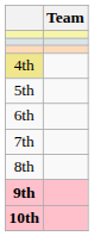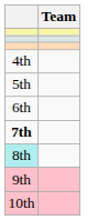 <table class="wikitable" style="text-align:center">
 <tr>
 <th width=15></th>
 <th>Team</th>
 </tr>
 <tr bgcolor="#F7F6A8">
 <td></td>
 <td align=left></td>
 </tr>
 <tr bgcolor="#DCE5E5">
 <td></td>
 <td align=left></td>
 </tr>
 <tr bgcolor="#FFDAB9">
 <td></td>
 <td align=left></td>
 </tr>
 <tr>
-<td style="background: khaki;">4th</td>
+<td>4th</td>
 <td align=left></td>
 </tr>
 <tr>
 <td>5th</td>
 <td align=left></td>
 </tr>
 <tr>
 <td>6th</td>
 <td align=left></td>
 </tr>
 <tr>
-<td>7th</td>
+<td><strong>7th</strong></td>
 <td align=left></td>
 </tr>
 <tr>
-<td>8th</td>
+<td style="background: paleturquoise;">8th</td>
 <td align=left></td>
 </tr>
 <tr style="background:pink;">
-<td><strong>9th</strong></td>
+<td>9th</td>
 <td align=left></td>
 </tr>
 <tr style="background:pink;">
-<td><strong>10th</strong></td>
+<td>10th</td>
 <td align=left></td>
 </tr>
 </table>
